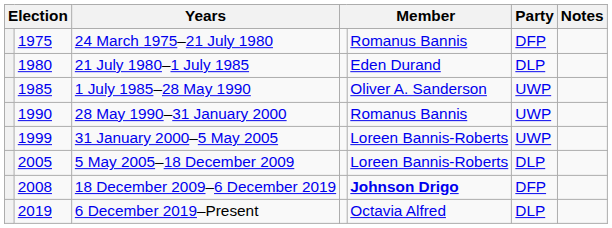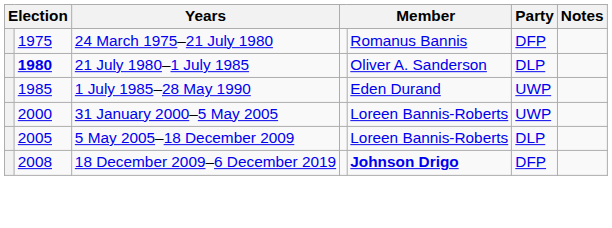 <table class="wikitable sortable" style="valign:top">
 <tr>
 <th colspan="2">Election</th>
 <th>Years</th>
 <th colspan="2">Member</th>
 <th>Party</th>
 <th>Notes</th>
 </tr>
 <tr>
 <th style="background-color: "></th>
 <td><a href='#'>1975</a></td>
 <td><a href='#'>24 March 1975</a>–<a href='#'>21 July 1980</a></td>
 <td></td>
 <td><a href='#'>Romanus Bannis</a></td>
 <td><a href='#'>DFP</a></td>
 <td></td>
 </tr>
 <tr>
 <th style="background-color: "></th>
-<td><a href='#'>1980</a></td>
+<td><strong><a href='#'>1980</a></strong></td>
 <td><a href='#'>21 July 1980</a>–<a href='#'>1 July 1985</a></td>
 <td></td>
-<td><a href='#'>Eden Durand</a></td>
+<td><a href='#'>Oliver A. Sanderson</a></td>
 <td><a href='#'>DLP</a></td>
 <td></td>
 </tr>
 <tr>
 <th style="background-color: "></th>
 <td><a href='#'>1985</a></td>
 <td><a href='#'>1 July 1985</a>–<a href='#'>28 May 1990</a></td>
 <td></td>
-<td><a href='#'>Oliver A. Sanderson</a></td>
+<td><a href='#'>Eden Durand</a></td>
 <td><a href='#'>UWP</a></td>
 <td></td>
 </tr>
 <tr>
 <th style="background-color: "></th>
-<td><a href='#'>1990</a></td>
-<td><a href='#'>28 May 1990</a>–<a href='#'>31 January 2000</a></td>
-<td></td>
-<td><a href='#'>Romanus Bannis</a></td>
-<td><a href='#'>UWP</a></td>
-<td></td>
-</tr>
-<tr>
-<th style="background-color: "></th>
-<td><a href='#'>1999</a></td>
+<td><a href='#'>2000</a></td>
 <td><a href='#'>31 January 2000</a>–<a href='#'>5 May 2005</a></td>
 <td></td>
 <td><a href='#'>Loreen Bannis-Roberts</a></td>
 <td><a href='#'>UWP</a></td>
 <td></td>
 </tr>
 <tr>
 <th style="background-color: "></th>
 <td><a href='#'>2005</a></td>
 <td><a href='#'>5 May 2005</a>–<a href='#'>18 December 2009</a></td>
 <td></td>
 <td><a href='#'>Loreen Bannis-Roberts</a></td>
 <td><a href='#'>DLP</a></td>
 <td></td>
 </tr>
 <tr>
 <th style="background-color: "></th>
 <td><a href='#'>2008</a></td>
 <td><a href='#'>18 December 2009</a>–<a href='#'>6 December 2019</a></td>
 <td></td>
 <td><strong><a href='#'>Johnson Drigo</a></strong></td>
 <td><a href='#'>DFP</a></td>
 <td></td>
 </tr>
-<tr>
-<th style="background-color: "></th>
-<td><a href='#'>2019</a></td>
-<td><a href='#'>6 December 2019</a>–Present</td>
-<td></td>
-<td><a href='#'>Octavia Alfred</a></td>
-<td><a href='#'>DLP</a></td>
-<td></td>
-</tr>
 </table>
